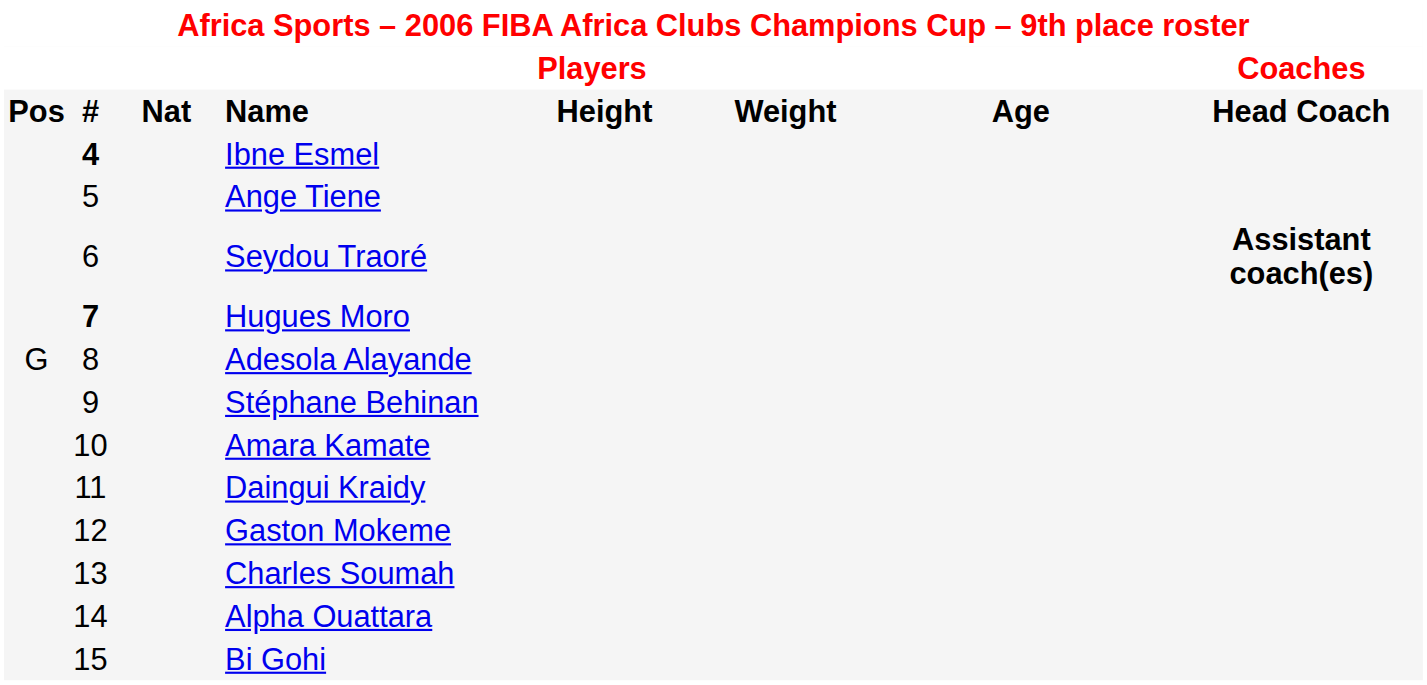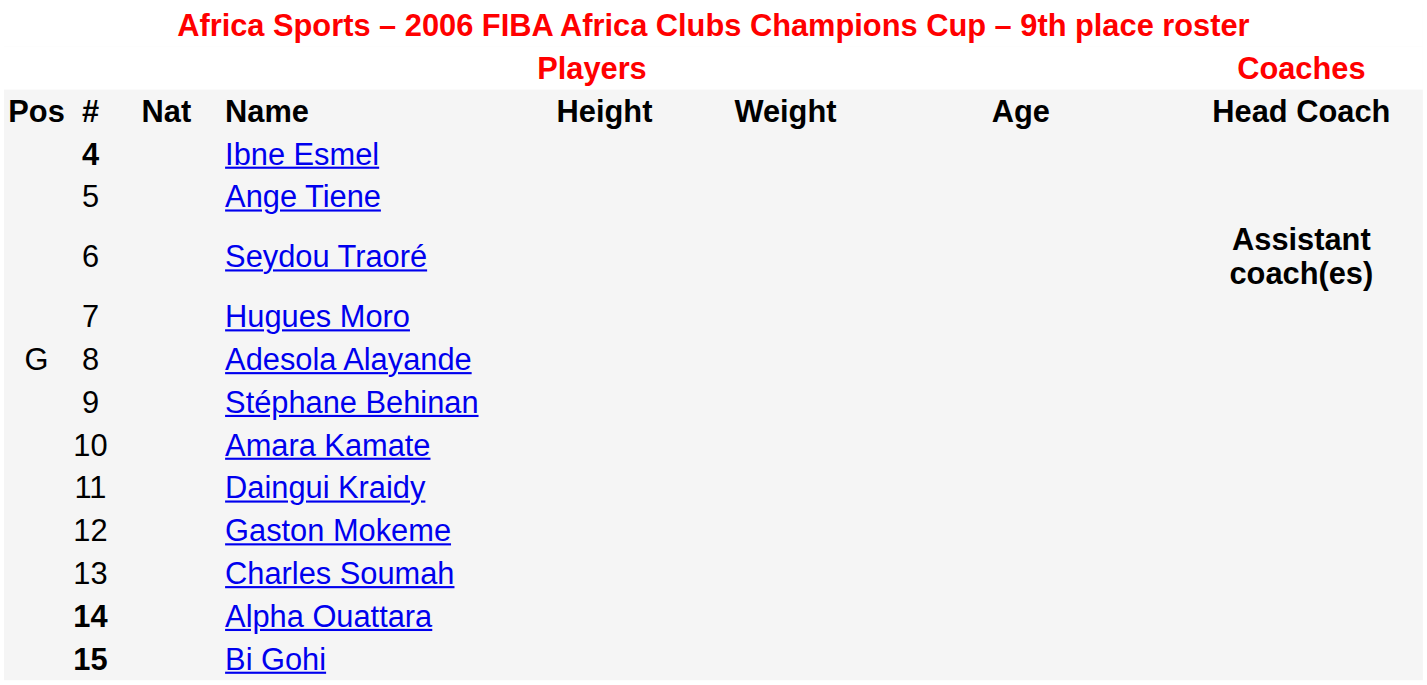 <table border=0 cellpadding=2 cellspacing=0  |- bgcolor=#f5f5f5 style="text-align:center; font-size:90%;" width=75%>
 <tr>
 <td colspan="8" style="background: white; color: red"><strong>Africa Sports – 2006 FIBA Africa Clubs Champions Cup – 9th place roster</strong></td>
 </tr>
 <tr>
 <td colspan="7" style="background: white; color: red"><strong>Players</strong></td>
 <td style="background: white; color: red"><strong>Coaches</strong></td>
 </tr>
 <tr style="background=#f5f5f5; color: black">
 <th width=5px>Pos</th>
 <th width=5px>#</th>
 <th width=50px>Nat</th>
 <th width=135px align=left>Name</th>
 <th width=100px>Height</th>
 <th width=70px>Weight</th>
 <th width=160px>Age</th>
 <th width=115px>Head Coach</th>
 </tr>
 <tr>
 <td></td>
 <td><strong>4</strong></td>
 <td></td>
 <td align=left><a href='#'>Ibne Esmel</a></td>
 <td></td>
 <td></td>
 <td><span></span></td>
 <td align=left></td>
 </tr>
 <tr>
 <td></td>
 <td>5</td>
 <td></td>
 <td align=left><a href='#'>Ange Tiene</a></td>
 <td></td>
 <td></td>
 <td><span></span></td>
 </tr>
 <tr>
 <td></td>
 <td>6</td>
 <td></td>
 <td align=left><a href='#'>Seydou Traoré</a></td>
 <td></td>
 <td></td>
 <td><span></span></td>
 <td><strong>Assistant coach(es)</strong></td>
 </tr>
 <tr>
 <td></td>
-<td><strong>7</strong></td>
+<td>7</td>
 <td></td>
 <td align=left><a href='#'>Hugues Moro</a></td>
 <td></td>
 <td></td>
 <td><span></span></td>
 <td align=left></td>
 </tr>
 <tr>
 <td>G</td>
 <td>8</td>
 <td></td>
 <td align=left><a href='#'>Adesola Alayande</a></td>
 <td><span></span></td>
 <td></td>
 <td><span></span></td>
 <td align=left></td>
 </tr>
 <tr>
 <td></td>
 <td>9</td>
 <td></td>
 <td align=left><a href='#'>Stéphane Behinan</a></td>
 <td></td>
 <td></td>
 <td><span></span></td>
 </tr>
 <tr>
 <td></td>
 <td>10</td>
 <td></td>
 <td align=left><a href='#'>Amara Kamate</a></td>
 <td></td>
 <td></td>
 <td><span></span></td>
 </tr>
 <tr>
 <td></td>
 <td>11</td>
 <td></td>
 <td align=left><a href='#'>Daingui Kraidy</a></td>
 <td></td>
 <td></td>
 <td><span></span></td>
 </tr>
 <tr>
 <td></td>
 <td>12</td>
 <td></td>
 <td align=left><a href='#'>Gaston Mokeme</a></td>
 <td></td>
 <td></td>
 <td><span></span></td>
 </tr>
 <tr>
 <td></td>
 <td>13</td>
 <td></td>
 <td align=left><a href='#'>Charles Soumah</a></td>
 <td></td>
 <td></td>
 <td><span></span></td>
 </tr>
 <tr>
 <td></td>
-<td>14</td>
+<td><strong>14</strong></td>
 <td></td>
 <td align=left><a href='#'>Alpha Ouattara</a></td>
 <td></td>
 <td></td>
 <td><span></span></td>
 </tr>
 <tr>
 <td></td>
-<td>15</td>
+<td><strong>15</strong></td>
 <td></td>
 <td align=left><a href='#'>Bi Gohi</a></td>
 <td></td>
 <td></td>
 <td><span></span></td>
 </tr>
 </table>
